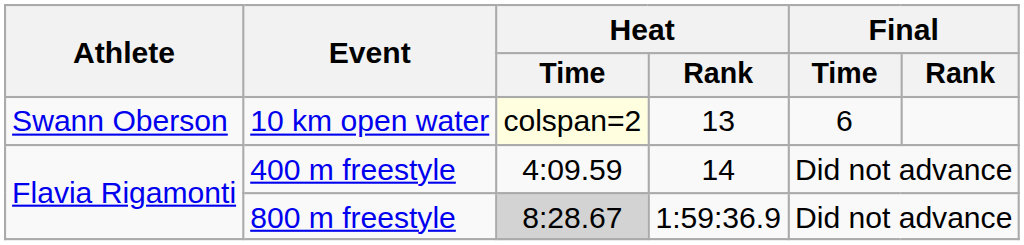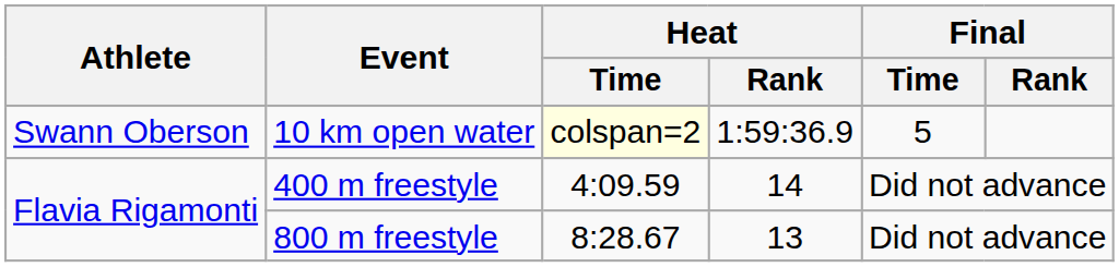 <table class=wikitable style="font-size:90%">
 <tr>
 <th rowspan="2">Athlete</th>
 <th rowspan="2">Event</th>
 <th colspan="2">Heat</th>
 <th colspan="2">Final</th>
 </tr>
 <tr style="font-size:95%">
 <th>Time</th>
 <th>Rank</th>
 <th>Time</th>
 <th>Rank</th>
 </tr>
 <tr align=center>
 <td align=left><a href='#'>Swann Oberson</a></td>
 <td align=left><a href='#'>10 km open water</a></td>
 <td style="background: lightyellow;">colspan=2 </td>
-<td>13</td>
-<td>6</td>
+<td>1:59:36.9</td>
+<td>5</td>
 </tr>
 <tr align=center>
 <td align=left rowspan=2><a href='#'>Flavia Rigamonti</a></td>
 <td align=left><a href='#'>400 m freestyle</a></td>
 <td>4:09.59</td>
 <td>14</td>
 <td colspan=2>Did not advance</td>
 </tr>
 <tr align=center>
 <td align=left><a href='#'>800 m freestyle</a></td>
-<td style="background: lightgrey;">8:28.67</td>
-<td>1:59:36.9</td>
+<td>8:28.67</td>
+<td>13</td>
 <td colspan=2>Did not advance</td>
 </tr>
 </table>
